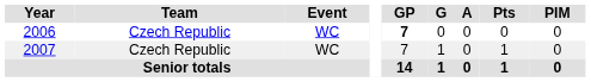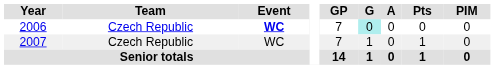 <table border="0" cellpadding="1" cellspacing="0" style="text-align:center; width:40em">
 <tr ALIGN="center" bgcolor="#e0e0e0">
 <th>Year</th>
 <th>Team</th>
 <th>Event</th>
 <th rowspan="99" bgcolor="#ffffff"> </th>
 <th>GP</th>
 <th>G</th>
 <th>A</th>
 <th>Pts</th>
 <th>PIM</th>
 </tr>
 <tr>
 <td><a href='#'>2006</a></td>
 <td><a href='#'>Czech Republic</a></td>
-<td><a href='#'>WC</a></td>
-<td><strong>7</strong></td>
-<td>0</td>
+<td><strong><a href='#'>WC</a></strong></td>
+<td>7</td>
+<td style="background: paleturquoise;">0</td>
 <td>0</td>
 <td>0</td>
 <td>0</td>
 </tr>
 <tr bgcolor="#f0f0f0">
 <td><a href='#'>2007</a></td>
 <td>Czech Republic</td>
 <td>WC</td>
 <td>7</td>
 <td>1</td>
 <td>0</td>
 <td>1</td>
 <td>0</td>
 </tr>
 <tr bgcolor="#e0e0e0">
 <th colspan=3>Senior totals</th>
 <th>14</th>
 <th>1</th>
 <th>0</th>
 <th>1</th>
 <th>0</th>
 </tr>
 </table>
